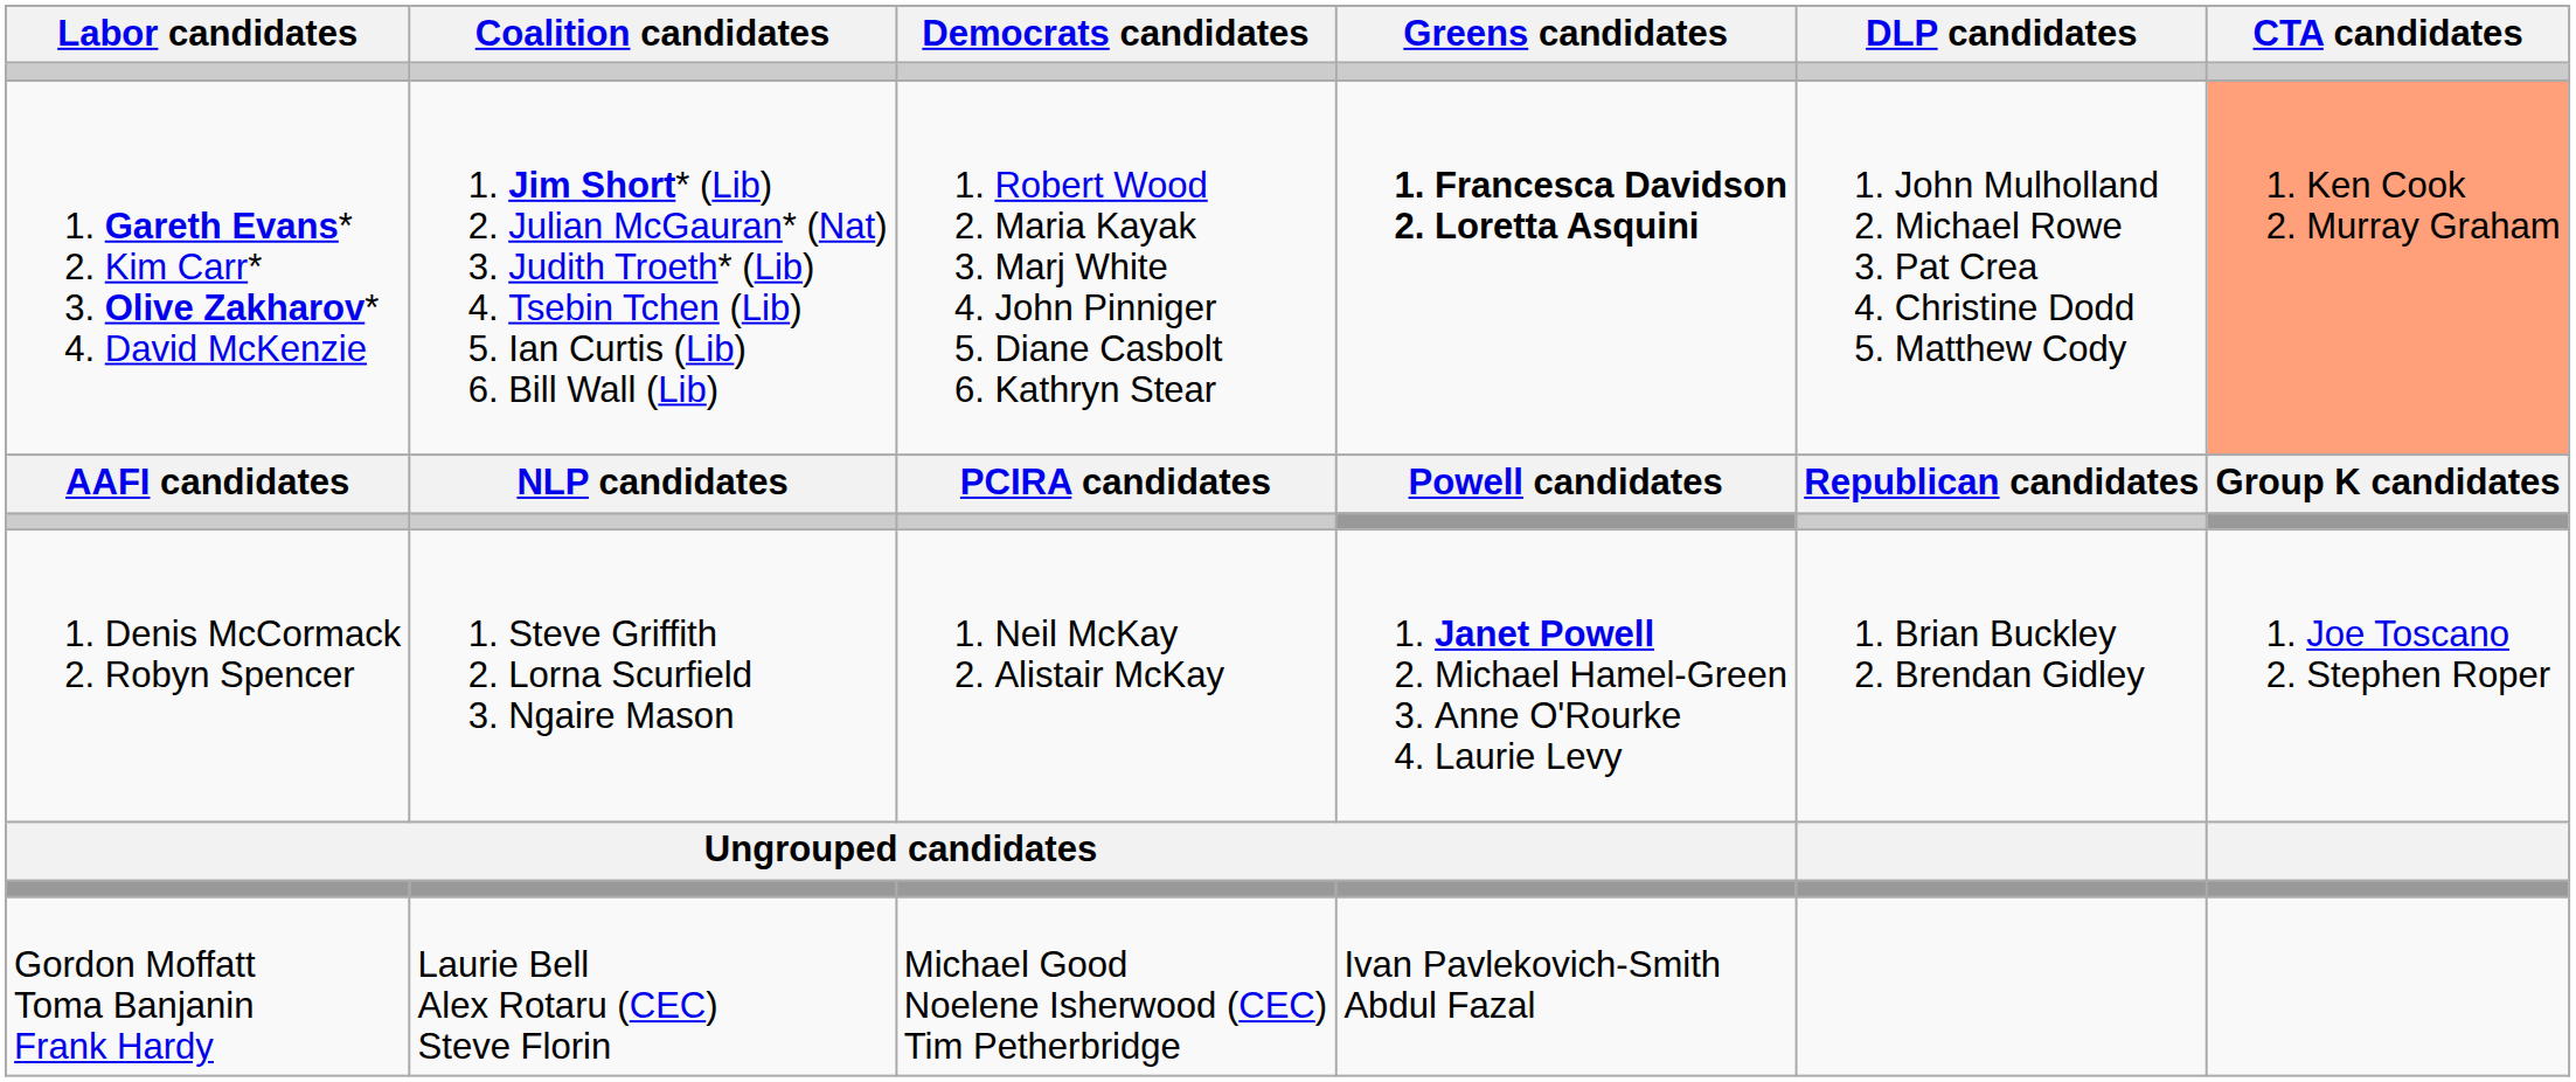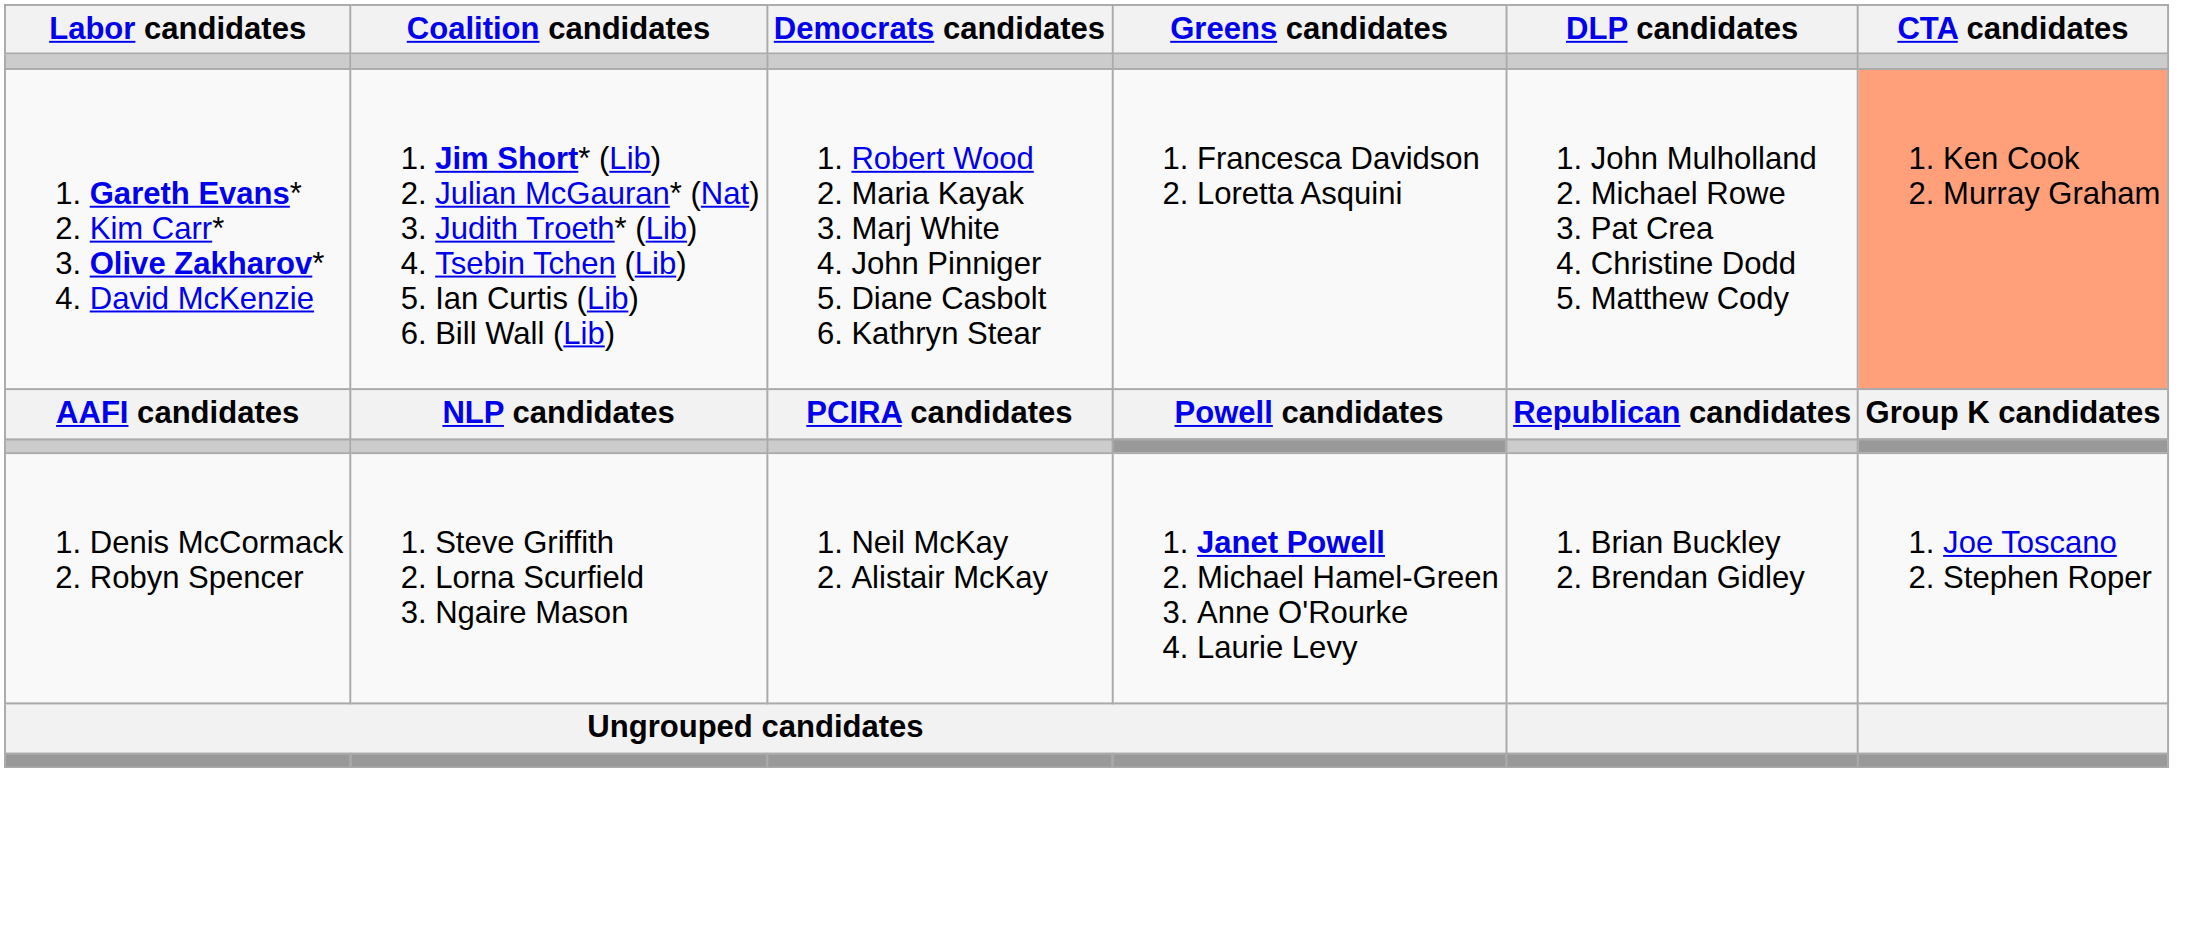 <table class="wikitable">
 <tr>
 <th><a href='#'>Labor</a> candidates</th>
 <th><a href='#'>Coalition</a> candidates</th>
 <th><a href='#'>Democrats</a> candidates</th>
 <th><a href='#'>Greens</a> candidates</th>
 <th><a href='#'>DLP</a> candidates</th>
 <th><a href='#'>CTA</a> candidates</th>
 </tr>
 <tr bgcolor="#cccccc">
 <td></td>
 <td></td>
 <td></td>
 <td></td>
 <td></td>
 <td></td>
 </tr>
 <tr>
 <td><br><ol><li><strong><a href='#'>Gareth Evans</a></strong>*</li><li><a href='#'>Kim Carr</a>*</li><li><strong><a href='#'>Olive Zakharov</a></strong>*</li><li><a href='#'>David McKenzie</a></li></ol></td>
 <td><br><ol><li><strong><a href='#'>Jim Short</a></strong>* (<a href='#'>Lib</a>)</li><li><a href='#'>Julian McGauran</a>* (<a href='#'>Nat</a>)</li><li><a href='#'>Judith Troeth</a>* (<a href='#'>Lib</a>)</li><li><a href='#'>Tsebin Tchen</a> (<a href='#'>Lib</a>)</li><li>Ian Curtis (<a href='#'>Lib</a>)</li><li>Bill Wall (<a href='#'>Lib</a>)</li></ol></td>
 <td valign=top><br><ol><li><a href='#'>Robert Wood</a></li><li>Maria Kayak</li><li>Marj White</li><li>John Pinniger</li><li>Diane Casbolt</li><li>Kathryn Stear</li></ol></td>
-<td valign=top><strong><br><ol><li>Francesca Davidson</li><li>Loretta Asquini</li></ol></strong></td>
+<td valign=top><br><ol><li>Francesca Davidson</li><li>Loretta Asquini</li></ol></td>
 <td valign=top><br><ol><li>John Mulholland</li><li>Michael Rowe</li><li>Pat Crea</li><li>Christine Dodd</li><li>Matthew Cody</li></ol></td>
 <td valign=top style="background: lightsalmon;"><br><ol><li>Ken Cook</li><li>Murray Graham</li></ol></td>
 </tr>
 <tr bgcolor="#cccccc">
 <th><a href='#'>AAFI</a> candidates</th>
 <th><a href='#'>NLP</a> candidates</th>
 <th><a href='#'>PCIRA</a> candidates</th>
 <th><a href='#'>Powell</a> candidates</th>
 <th><a href='#'>Republican</a> candidates</th>
 <th>Group K candidates</th>
 </tr>
 <tr bgcolor="#cccccc">
 <td></td>
 <td></td>
 <td></td>
 <td bgcolor="#999999"></td>
 <td></td>
 <td bgcolor="#999999"></td>
 </tr>
 <tr>
 <td valign=top><br><ol><li>Denis McCormack</li><li>Robyn Spencer</li></ol></td>
 <td valign=top><br><ol><li>Steve Griffith</li><li>Lorna Scurfield</li><li>Ngaire Mason</li></ol></td>
 <td valign=top><br><ol><li>Neil McKay</li><li>Alistair McKay</li></ol></td>
 <td valign=top><br><ol><li><strong><a href='#'>Janet Powell</a></strong></li><li>Michael Hamel-Green</li><li>Anne O'Rourke</li><li>Laurie Levy</li></ol></td>
 <td valign=top><br><ol><li>Brian Buckley</li><li>Brendan Gidley</li></ol></td>
 <td valign=top><br><ol><li><a href='#'>Joe Toscano</a></li><li>Stephen Roper</li></ol></td>
 </tr>
 <tr bgcolor="#cccccc">
 <th colspan="4">Ungrouped candidates</th>
 <th></th>
 <th></th>
 </tr>
 <tr bgcolor="#cccccc">
 <td bgcolor="#999999"></td>
 <td bgcolor="#999999"></td>
 <td bgcolor="#999999"></td>
 <td bgcolor="#999999"></td>
 <td bgcolor="#999999"></td>
 <td bgcolor="#999999"></td>
 </tr>
-<tr>
-<td valign=top><br>Gordon Moffatt<br> Toma Banjanin<br> <a href='#'>Frank Hardy</a></td>
-<td valign=top><br>Laurie Bell<br> Alex Rotaru (<a href='#'>CEC</a>)<br> Steve Florin</td>
-<td valign=top><br>Michael Good<br> Noelene Isherwood (<a href='#'>CEC</a>)<br> Tim Petherbridge</td>
-<td valign=top><br>Ivan Pavlekovich-Smith<br> Abdul Fazal</td>
-<td valign=top></td>
-<td valign=top></td>
-</tr>
 </table>
